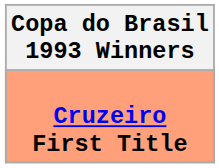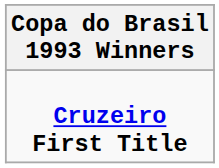 <table class="wikitable" style="text-align: center; margin: 0 auto;">
 <tr>
 <th>Copa do Brasil<br>1993 Winners</th>
 </tr>
 <tr>
-<td style="background: lightsalmon;"><br><strong><a href='#'>Cruzeiro</a></strong><br><strong>First Title</strong></td>
+<td><br><strong><a href='#'>Cruzeiro</a></strong><br><strong>First Title</strong></td>
 </tr>
 </table>
